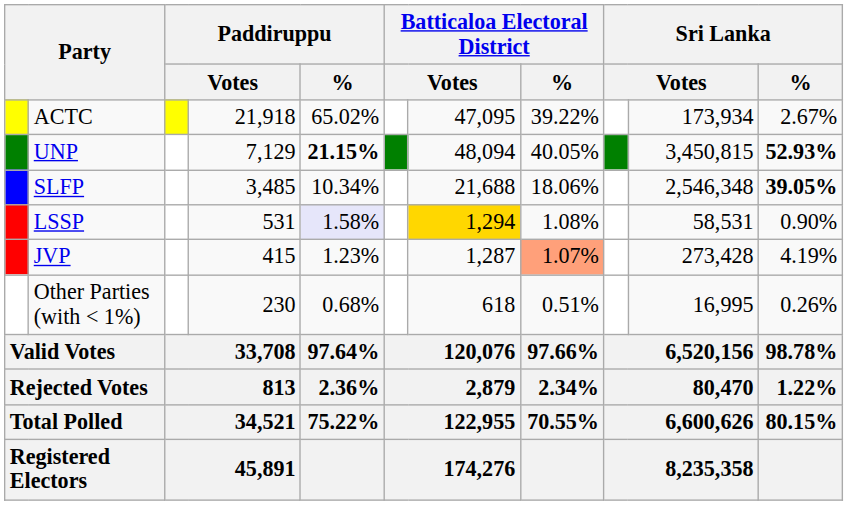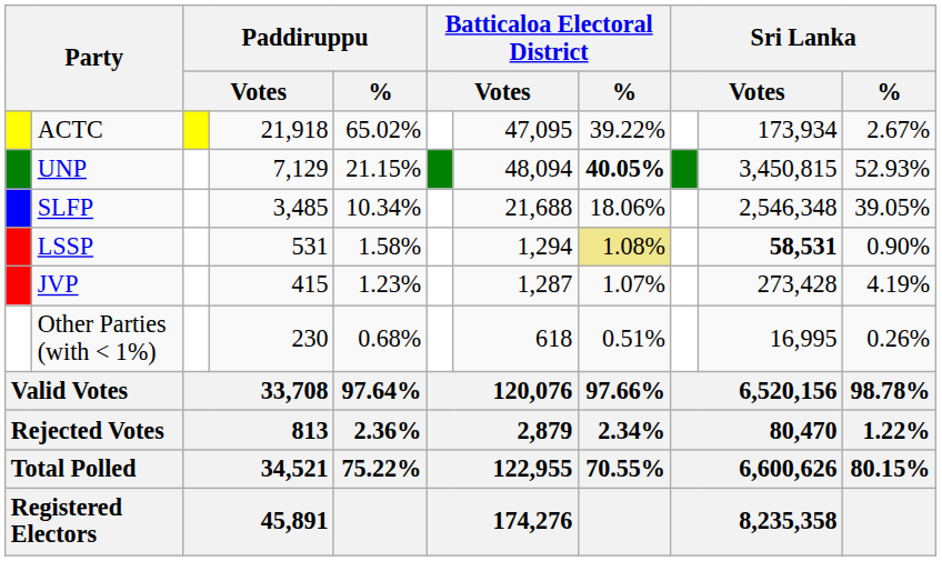 <table class="wikitable">
 <tr>
 <th colspan="2" width="144px"rowspan="2">Party</th>
 <th colspan="3" width="216px">Paddiruppu</th>
 <th colspan="3" width="216px"><a href='#'>Batticaloa Electoral District</a></th>
 <th colspan="3" width="216px">Sri Lanka</th>
 </tr>
 <tr>
 <th colspan="2" width="144px">Votes</th>
 <th>%</th>
 <th colspan="2" width="144px">Votes</th>
 <th>%</th>
 <th colspan="2" width="144px">Votes</th>
 <th>%</th>
 </tr>
 <tr>
 <td style="background-color:yellow;" width="10px"></td>
 <td style="text-align:left;">ACTC</td>
 <td style="background-color:yellow;" width="10px"></td>
 <td style="text-align:right;">21,918</td>
 <td style="text-align:right;">65.02%</td>
 <td style="background-color:white;" width="10px"></td>
 <td style="text-align:right;">47,095</td>
 <td style="text-align:right;">39.22%</td>
 <td style="background-color:white;" width="10px"></td>
 <td style="text-align:right;">173,934</td>
 <td style="text-align:right;">2.67%</td>
 </tr>
 <tr>
 <td style="background-color:green;" width="10px"></td>
 <td style="text-align:left;"><a href='#'>UNP</a></td>
 <td style="background-color:white;" width="10px"></td>
 <td style="text-align:right;">7,129</td>
-<td style="text-align:right;"><strong>21.15%</strong></td>
+<td style="text-align:right;">21.15%</td>
 <td style="background-color:green;" width="10px"></td>
 <td style="text-align:right;">48,094</td>
-<td style="text-align:right;">40.05%</td>
+<td style="text-align:right;"><strong>40.05%</strong></td>
 <td style="background-color:green;" width="10px"></td>
 <td style="text-align:right;">3,450,815</td>
-<td style="text-align:right;"><strong>52.93%</strong></td>
+<td style="text-align:right;">52.93%</td>
 </tr>
 <tr>
 <td style="background-color:blue;" width="10px"></td>
 <td style="text-align:left;"><a href='#'>SLFP</a></td>
 <td style="background-color:white;" width="10px"></td>
 <td style="text-align:right;">3,485</td>
 <td style="text-align:right;">10.34%</td>
 <td style="background-color:white;" width="10px"></td>
 <td style="text-align:right;">21,688</td>
 <td style="text-align:right;">18.06%</td>
 <td style="background-color:white;" width="10px"></td>
 <td style="text-align:right;">2,546,348</td>
-<td style="text-align:right;"><strong>39.05%</strong></td>
+<td style="text-align:right;">39.05%</td>
 </tr>
 <tr>
 <td style="background-color:red;" width="10px"></td>
 <td style="text-align:left;"><a href='#'>LSSP</a></td>
 <td style="background-color:white;" width="10px"></td>
 <td style="text-align:right;">531</td>
-<td style="background: lavender; text-align:right;">1.58%</td>
+<td style="text-align:right;">1.58%</td>
 <td style="background-color:white;" width="10px"></td>
-<td style="background: gold; text-align:right;">1,294</td>
-<td style="text-align:right;">1.08%</td>
+<td style="text-align:right;">1,294</td>
+<td style="background: khaki; text-align:right;">1.08%</td>
 <td style="background-color:white;" width="10px"></td>
-<td style="text-align:right;">58,531</td>
+<td style="text-align:right;"><strong>58,531</strong></td>
 <td style="text-align:right;">0.90%</td>
 </tr>
 <tr>
 <td style="background-color:red;" width="10px"></td>
 <td style="text-align:left;"><a href='#'>JVP</a></td>
 <td style="background-color:white;" width="10px"></td>
 <td style="text-align:right;">415</td>
 <td style="text-align:right;">1.23%</td>
 <td style="background-color:white;" width="10px"></td>
 <td style="text-align:right;">1,287</td>
-<td style="background: lightsalmon; text-align:right;">1.07%</td>
+<td style="text-align:right;">1.07%</td>
 <td style="background-color:white;" width="10px"></td>
 <td style="text-align:right;">273,428</td>
 <td style="text-align:right;">4.19%</td>
 </tr>
 <tr>
 <td style="background-color:white;" width="10px"></td>
 <td style="text-align:left;">Other Parties (with < 1%)</td>
 <td style="background-color:white;" width="10px"></td>
 <td style="text-align:right;">230</td>
 <td style="text-align:right;">0.68%</td>
 <td style="background-color:white;" width="10px"></td>
 <td style="text-align:right;">618</td>
 <td style="text-align:right;">0.51%</td>
 <td style="background-color:white;" width="10px"></td>
 <td style="text-align:right;">16,995</td>
 <td style="text-align:right;">0.26%</td>
 </tr>
 <tr>
 <th colspan="2" width="144px"style="text-align:left;">Valid Votes</th>
 <th style="text-align:right;"colspan="2" width="144px">33,708</th>
 <th style="text-align:right;">97.64%</th>
 <th style="text-align:right;"colspan="2" width="144px">120,076</th>
 <th style="text-align:right;">97.66%</th>
 <th style="text-align:right;"colspan="2" width="144px">6,520,156</th>
 <th style="text-align:right;">98.78%</th>
 </tr>
 <tr>
 <th colspan="2" width="144px"style="text-align:left;">Rejected Votes</th>
 <th style="text-align:right;"colspan="2" width="144px">813</th>
 <th style="text-align:right;">2.36%</th>
 <th style="text-align:right;"colspan="2" width="144px">2,879</th>
 <th style="text-align:right;">2.34%</th>
 <th style="text-align:right;"colspan="2" width="144px">80,470</th>
 <th style="text-align:right;">1.22%</th>
 </tr>
 <tr>
 <th colspan="2" width="144px"style="text-align:left;">Total Polled</th>
 <th style="text-align:right;"colspan="2" width="144px">34,521</th>
 <th style="text-align:right;">75.22%</th>
 <th style="text-align:right;"colspan="2" width="144px">122,955</th>
 <th style="text-align:right;">70.55%</th>
 <th style="text-align:right;"colspan="2" width="144px">6,600,626</th>
 <th style="text-align:right;">80.15%</th>
 </tr>
 <tr>
 <th colspan="2" width="144px"style="text-align:left;">Registered Electors</th>
 <th style="text-align:right;"colspan="2" width="144px">45,891</th>
 <th></th>
 <th style="text-align:right;"colspan="2" width="144px">174,276</th>
 <th></th>
 <th style="text-align:right;"colspan="2" width="144px">8,235,358</th>
 <th></th>
 </tr>
 </table>
